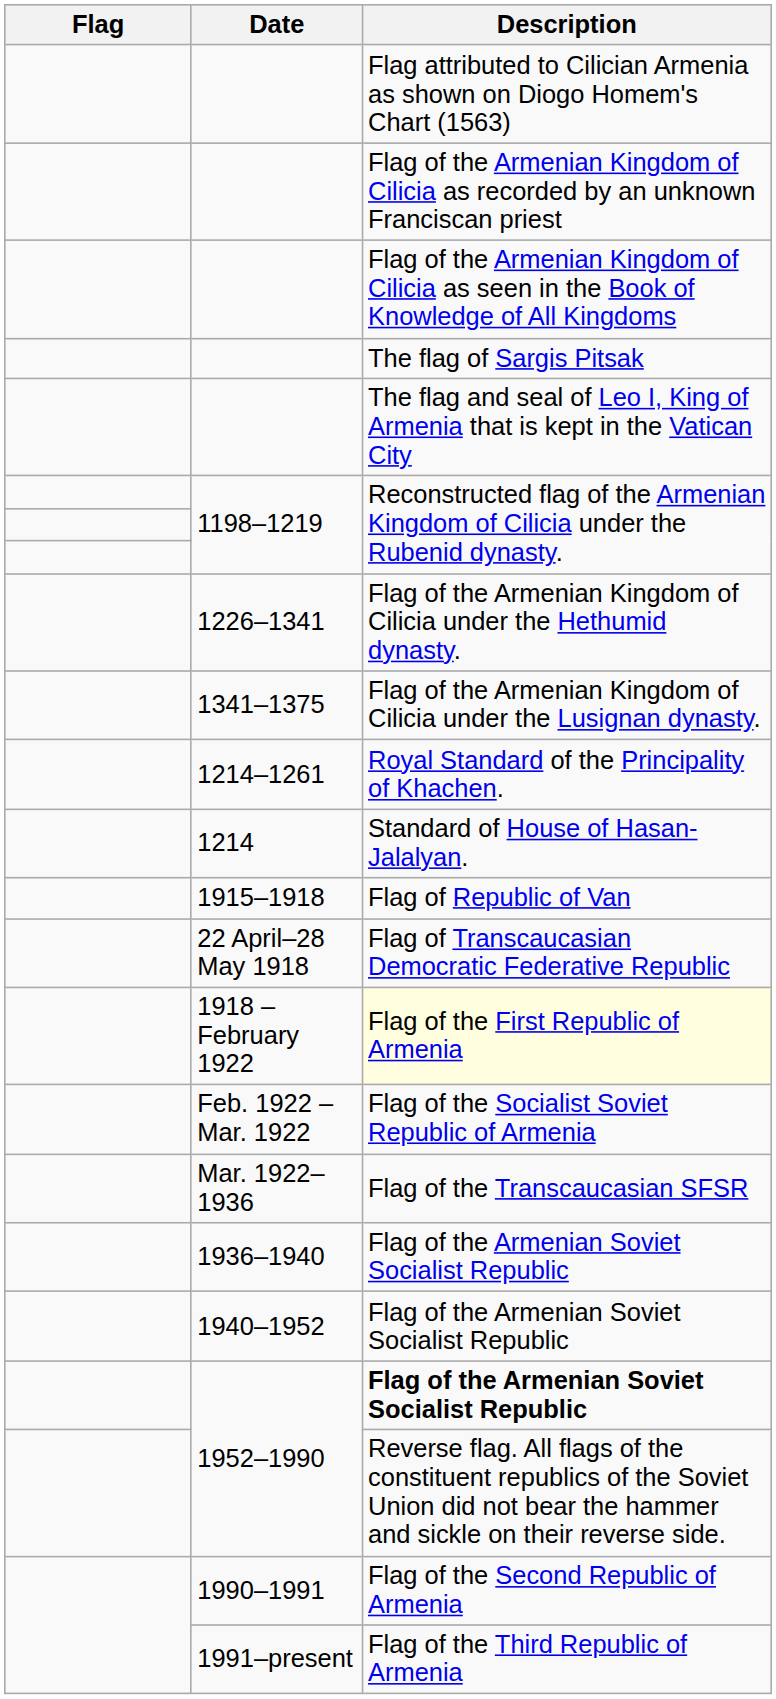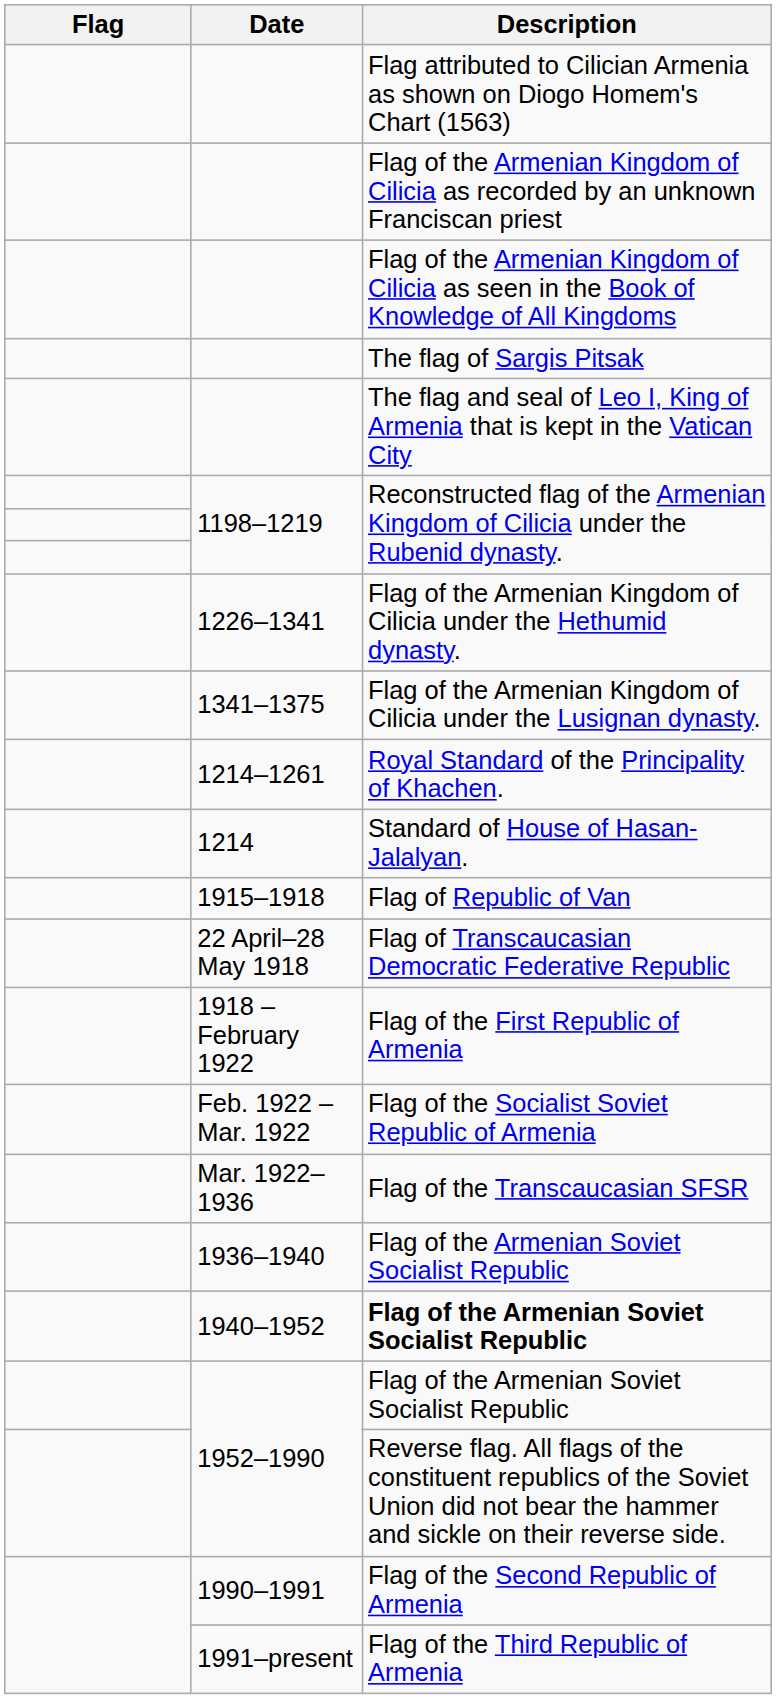 <table class="wikitable">
 <tr>
 <th width="110">Flag</th>
 <th width="100">Date</th>
 <th width="250">Description</th>
 </tr>
 <tr>
 <td></td>
 <td></td>
 <td>Flag attributed to Cilician Armenia as shown on Diogo Homem's Chart (1563)</td>
 </tr>
 <tr>
 <td></td>
 <td></td>
 <td>Flag of the <a href='#'>Armenian Kingdom of Cilicia</a> as recorded by an unknown Franciscan priest</td>
 </tr>
 <tr>
 <td></td>
 <td></td>
 <td>Flag of the <a href='#'>Armenian Kingdom of Cilicia</a> as seen in the <a href='#'>Book of Knowledge of All Kingdoms</a></td>
 </tr>
 <tr>
 <td></td>
 <td></td>
 <td>The flag of <a href='#'>Sargis Pitsak</a></td>
 </tr>
 <tr>
 <td></td>
 <td></td>
 <td>The flag and seal of <a href='#'>Leo I, King of Armenia</a> that is kept in the <a href='#'>Vatican City</a></td>
 </tr>
 <tr>
 <td></td>
 <td rowspan="3">1198–1219</td>
 <td rowspan="3">Reconstructed flag of the <a href='#'>Armenian Kingdom of Cilicia</a> under the <a href='#'>Rubenid dynasty</a>.</td>
 </tr>
 <tr>
 <td></td>
 </tr>
 <tr>
 <td></td>
 </tr>
 <tr>
 <td></td>
 <td>1226–1341</td>
 <td>Flag of the Armenian Kingdom of Cilicia under the <a href='#'>Hethumid dynasty</a>.</td>
 </tr>
 <tr>
 <td></td>
 <td>1341–1375</td>
 <td>Flag of the Armenian Kingdom of Cilicia under the <a href='#'>Lusignan dynasty</a>.</td>
 </tr>
 <tr>
 <td></td>
 <td>1214–1261</td>
 <td><a href='#'>Royal Standard</a> of the <a href='#'>Principality of Khachen</a>.</td>
 </tr>
 <tr>
 <td></td>
 <td>1214</td>
 <td>Standard of <a href='#'>House of Hasan-Jalalyan</a>.</td>
 </tr>
 <tr>
 <td></td>
 <td>1915–1918</td>
 <td>Flag of <a href='#'>Republic of Van</a></td>
 </tr>
 <tr>
 <td></td>
 <td>22 April–28 May 1918</td>
 <td>Flag of <a href='#'>Transcaucasian Democratic Federative Republic</a></td>
 </tr>
 <tr>
 <td></td>
 <td>1918 – February 1922</td>
-<td style="background: lightyellow;">Flag of the <a href='#'>First Republic of Armenia</a></td>
+<td>Flag of the <a href='#'>First Republic of Armenia</a></td>
 </tr>
 <tr>
 <td></td>
 <td>Feb. 1922 – Mar. 1922</td>
 <td>Flag of the <a href='#'>Socialist Soviet Republic of Armenia</a></td>
 </tr>
 <tr>
 <td></td>
 <td>Mar. 1922–1936</td>
 <td>Flag of the <a href='#'>Transcaucasian SFSR</a></td>
 </tr>
 <tr>
 <td></td>
 <td>1936–1940</td>
 <td>Flag of the <a href='#'>Armenian Soviet Socialist Republic</a></td>
 </tr>
 <tr>
 <td></td>
 <td>1940–1952</td>
-<td>Flag of the Armenian Soviet Socialist Republic</td>
+<td><strong>Flag of the Armenian Soviet Socialist Republic</strong></td>
 </tr>
 <tr>
 <td></td>
 <td rowspan="2">1952–1990</td>
-<td><strong>Flag of the Armenian Soviet Socialist Republic</strong></td>
+<td>Flag of the Armenian Soviet Socialist Republic</td>
 </tr>
 <tr>
 <td></td>
 <td> Reverse flag. All flags of the constituent republics of the Soviet Union did not bear the hammer and sickle on their reverse side.</td>
 </tr>
 <tr>
 <td rowspan="2"></td>
 <td>1990–1991</td>
 <td>Flag of the <a href='#'>Second Republic of Armenia</a></td>
 </tr>
 <tr>
 <td>1991–present</td>
 <td>Flag of the <a href='#'>Third Republic of Armenia</a></td>
 </tr>
 </table>
